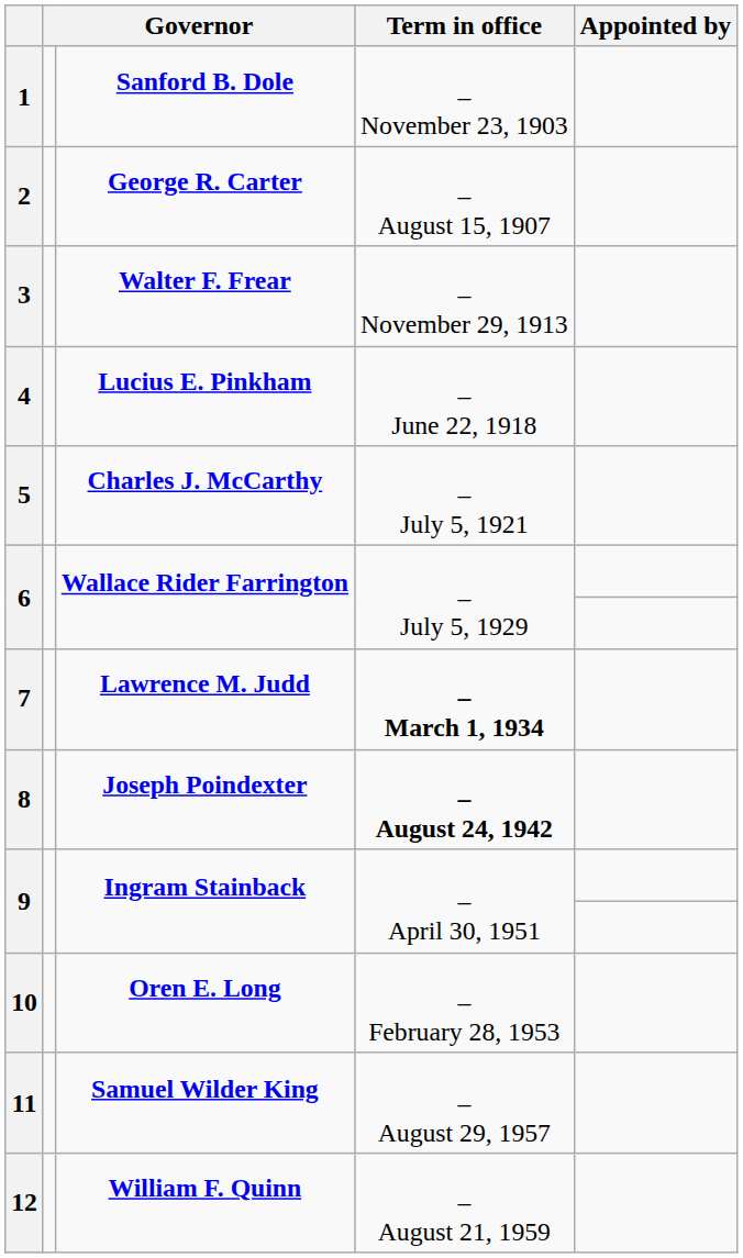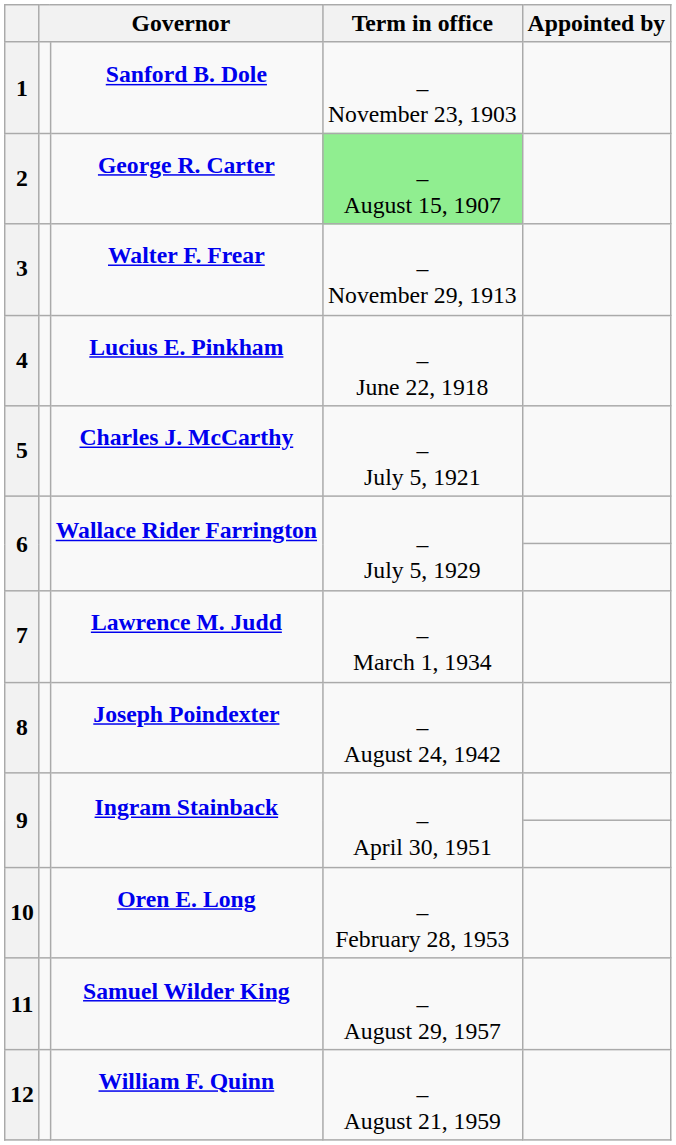 <table class="wikitable sortable" style="text-align:center">
 <tr>
 <th scope="col" data-sort-type="number"></th>
 <th scope="colgroup" colspan="2">Governor</th>
 <th scope="col">Term in office</th>
 <th scope="col">Appointed by</th>
 </tr>
 <tr style="height:2em;">
 <th scope="row">1</th>
 <td data-sort-value="Dole, Sanford"></td>
 <td><strong><a href='#'>Sanford B. Dole</a></strong><br><br></td>
 <td><br>–<br>November 23, 1903<br></td>
 <td></td>
 </tr>
 <tr style="height:2em;">
 <th scope="row">2</th>
 <td data-sort-value="Carter, George"></td>
 <td><strong><a href='#'>George R. Carter</a></strong><br><br></td>
-<td><br>–<br>August 15, 1907<br></td>
+<td style="background: lightgreen;"><br>–<br>August 15, 1907<br></td>
 <td></td>
 </tr>
 <tr style="height:2em;">
 <th scope="row">3</th>
 <td data-sort-value="Frear, Walter"></td>
 <td><strong><a href='#'>Walter F. Frear</a></strong><br><br></td>
 <td><br>–<br>November 29, 1913<br></td>
 <td></td>
 </tr>
 <tr style="height:2em;">
 <th scope="row">4</th>
 <td data-sort-value="Pinkham, Lucius"></td>
 <td><strong><a href='#'>Lucius E. Pinkham</a></strong><br><br></td>
 <td><br>–<br>June 22, 1918<br></td>
 <td></td>
 </tr>
 <tr style="height:2em;">
 <th scope="row">5</th>
 <td data-sort-value="McCarthy, Charles"></td>
 <td><strong><a href='#'>Charles J. McCarthy</a></strong><br><br></td>
 <td><br>–<br>July 5, 1921<br></td>
 <td></td>
 </tr>
 <tr style="height:2em;">
 <th rowspan="2" scope="rowgroup">6</th>
 <td rowspan="2" data-sort-value="Farrington, Wallace"></td>
 <td rowspan="2"><strong><a href='#'>Wallace Rider Farrington</a></strong><br><br></td>
 <td rowspan="2"><br>–<br>July 5, 1929<br></td>
 <td></td>
 </tr>
 <tr style="height:2em;">
 <td></td>
 </tr>
 <tr style="height:2em;">
 <th scope="row">7</th>
 <td data-sort-value="Judd, Lawrence"></td>
 <td><strong><a href='#'>Lawrence M. Judd</a></strong><br><br></td>
-<td><strong><br>–<br>March 1, 1934<br></strong></td>
+<td><br>–<br>March 1, 1934<br></td>
 <td></td>
 </tr>
 <tr style="height:2em;">
 <th scope="row">8</th>
 <td data-sort-value="Poindexter, Joseph"></td>
 <td><strong><a href='#'>Joseph Poindexter</a></strong><br><br></td>
-<td><strong><br>–<br>August 24, 1942<br></strong></td>
+<td><br>–<br>August 24, 1942<br></td>
 <td></td>
 </tr>
 <tr style="height:2em;">
 <th rowspan="2" scope="rowgroup">9</th>
 <td rowspan="2" data-sort-value="Stainback, Ingram"></td>
 <td rowspan="2"><strong><a href='#'>Ingram Stainback</a></strong><br><br></td>
 <td rowspan="2"><br>–<br>April 30, 1951<br></td>
 <td></td>
 </tr>
 <tr style="height:2em;">
 <td></td>
 </tr>
 <tr style="height:2em;">
 <th scope="row">10</th>
 <td data-sort-value="Long, Oren"></td>
 <td><strong><a href='#'>Oren E. Long</a></strong><br><br></td>
 <td><br>–<br>February 28, 1953<br></td>
 <td></td>
 </tr>
 <tr style="height:2em;">
 <th scope="row">11</th>
 <td data-sort-value="King, Samuel"></td>
 <td><strong><a href='#'>Samuel Wilder King</a></strong><br><br></td>
 <td><br>–<br>August 29, 1957<br></td>
 <td></td>
 </tr>
 <tr style="height:2em;">
 <th scope="row">12</th>
 <td data-sort-value="Quinn, William"></td>
 <td><strong><a href='#'>William F. Quinn</a></strong><br><br></td>
 <td><br>–<br>August 21, 1959<br></td>
 <td></td>
 </tr>
 </table>
